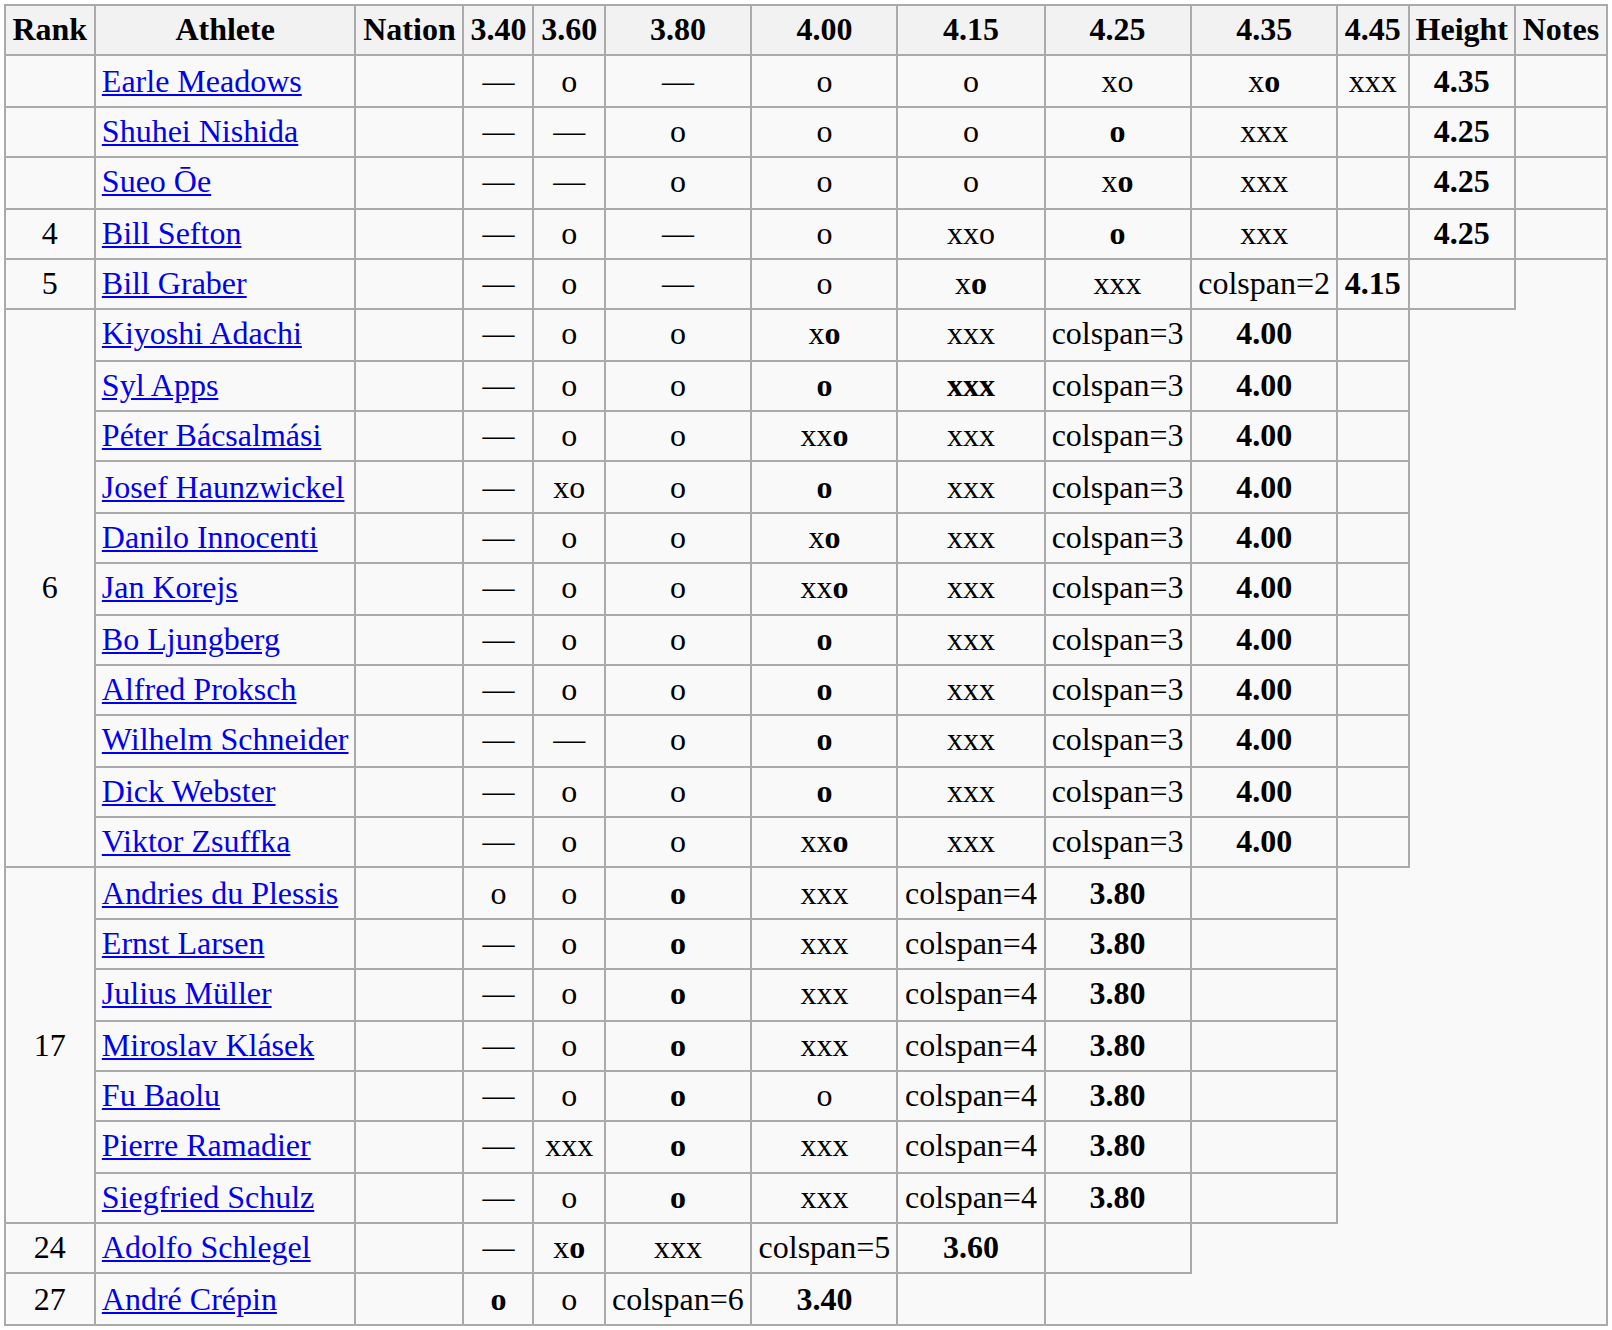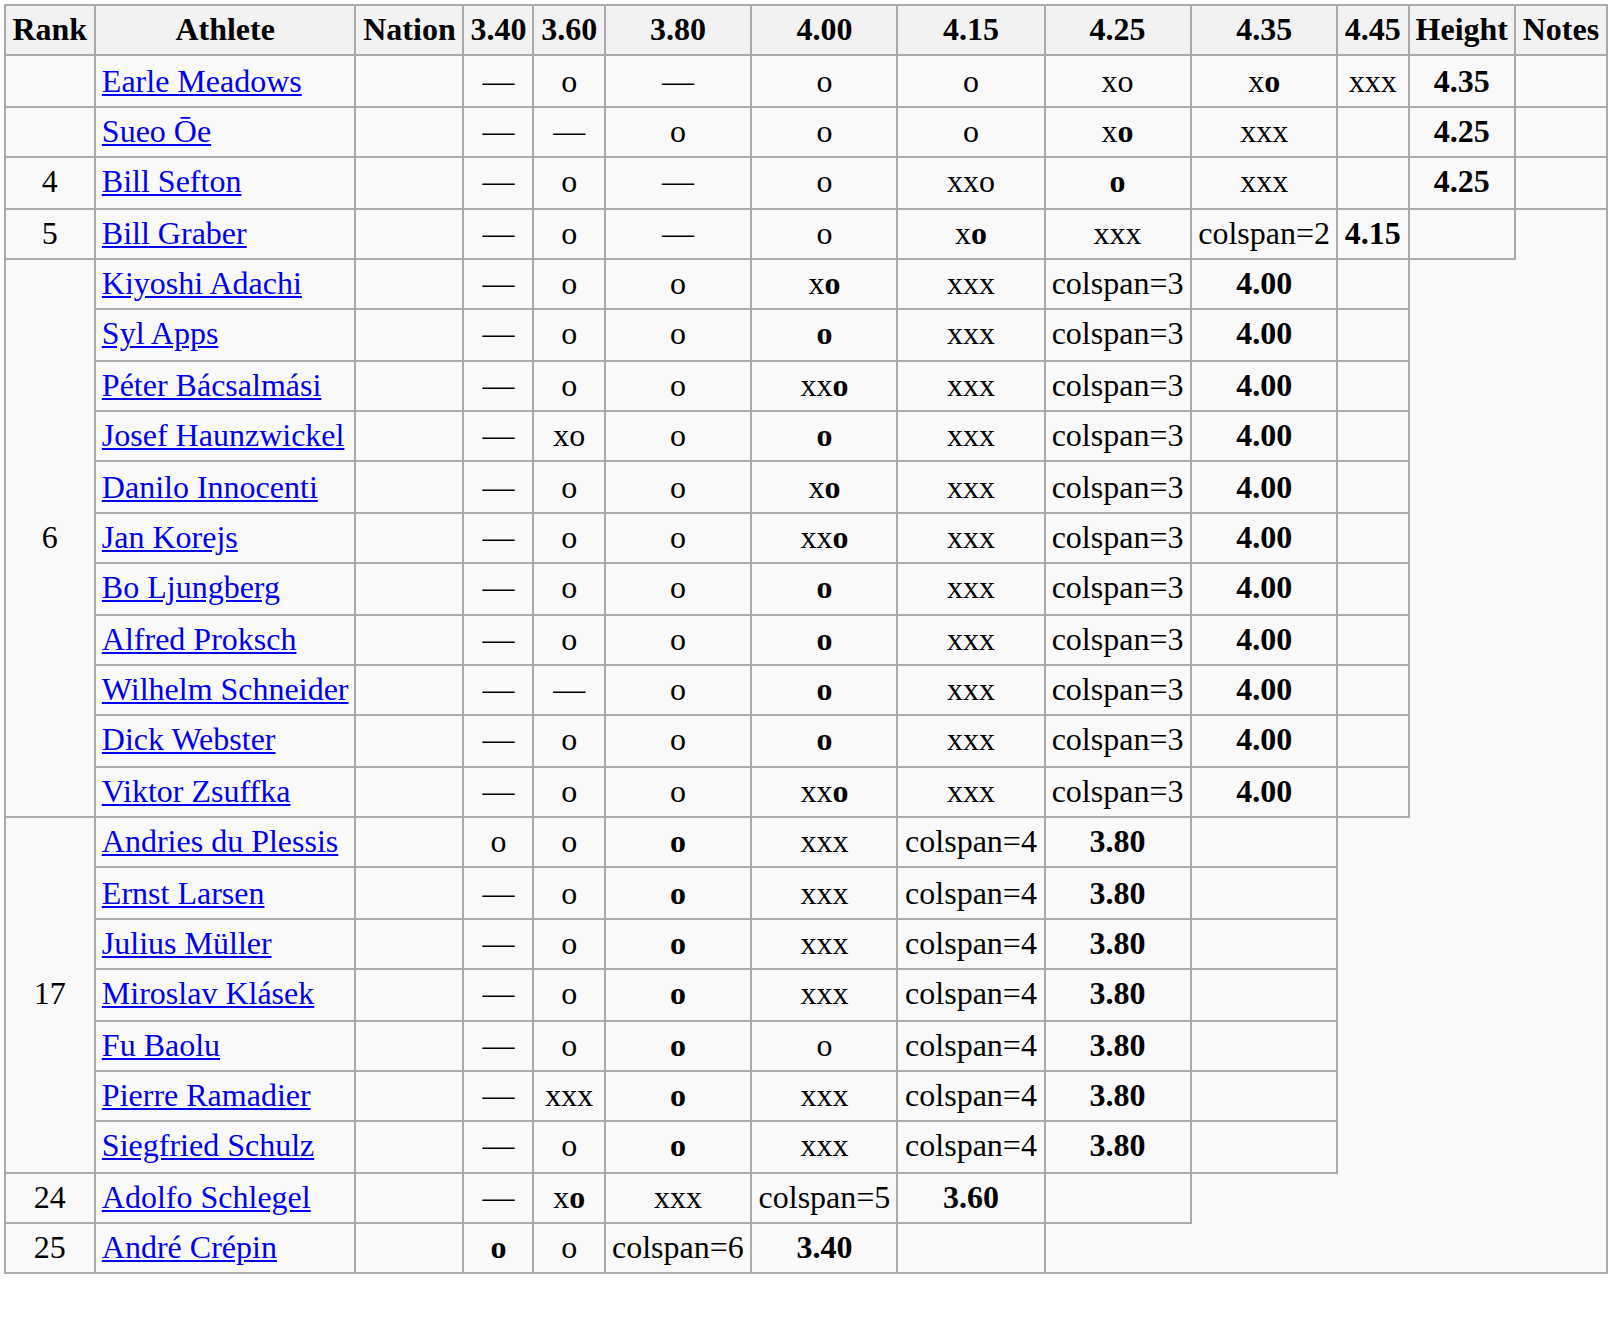 <table class="wikitable sortable" style="text-align:center">
 <tr>
 <th>Rank</th>
 <th>Athlete</th>
 <th>Nation</th>
 <th>3.40</th>
 <th>3.60</th>
 <th>3.80</th>
 <th>4.00</th>
 <th>4.15</th>
 <th>4.25</th>
 <th>4.35</th>
 <th>4.45</th>
 <th>Height</th>
 <th>Notes</th>
 </tr>
 <tr>
 <td></td>
 <td align="left"><a href='#'>Earle Meadows</a></td>
 <td align="left"></td>
 <td>—</td>
 <td>o</td>
 <td>—</td>
 <td>o</td>
 <td>o</td>
 <td>xo</td>
 <td>x<strong>o</strong></td>
 <td>xxx</td>
 <td><strong>4.35</strong></td>
-<td></td>
-</tr>
-<tr>
-<td></td>
-<td align="left"><a href='#'>Shuhei Nishida</a></td>
-<td align="left"></td>
-<td>—</td>
-<td>—</td>
-<td>o</td>
-<td>o</td>
-<td>o</td>
-<td><strong>o</strong></td>
-<td>xxx</td>
-<td></td>
-<td><strong>4.25</strong></td>
 <td></td>
 </tr>
 <tr>
 <td></td>
 <td align="left"><a href='#'>Sueo Ōe</a></td>
 <td align="left"></td>
 <td>—</td>
 <td>—</td>
 <td>o</td>
 <td>o</td>
 <td>o</td>
 <td>x<strong>o</strong></td>
 <td>xxx</td>
 <td></td>
 <td><strong>4.25</strong></td>
 <td></td>
 </tr>
 <tr>
 <td>4</td>
 <td align="left"><a href='#'>Bill Sefton</a></td>
 <td align="left"></td>
 <td>—</td>
 <td>o</td>
 <td>—</td>
 <td>o</td>
 <td>xxo</td>
 <td><strong>o</strong></td>
 <td>xxx</td>
 <td></td>
 <td><strong>4.25</strong></td>
 <td></td>
 </tr>
 <tr>
 <td>5</td>
 <td align="left"><a href='#'>Bill Graber</a></td>
 <td align="left"></td>
 <td>—</td>
 <td>o</td>
 <td>—</td>
 <td>o</td>
 <td>x<strong>o</strong></td>
 <td>xxx</td>
 <td>colspan=2 </td>
 <td><strong>4.15</strong></td>
 <td></td>
 </tr>
 <tr>
 <td rowspan=11>6</td>
 <td align="left"><a href='#'>Kiyoshi Adachi</a></td>
 <td align="left"></td>
 <td>—</td>
 <td>o</td>
 <td>o</td>
 <td>x<strong>o</strong></td>
 <td>xxx</td>
 <td>colspan=3 </td>
 <td><strong>4.00</strong></td>
 <td></td>
 </tr>
 <tr>
 <td align="left"><a href='#'>Syl Apps</a></td>
 <td align="left"></td>
 <td>—</td>
 <td>o</td>
 <td>o</td>
 <td><strong>o</strong></td>
-<td><strong>xxx</strong></td>
+<td>xxx</td>
 <td>colspan=3 </td>
 <td><strong>4.00</strong></td>
 <td></td>
 </tr>
 <tr>
 <td align="left"><a href='#'>Péter Bácsalmási</a></td>
 <td align="left"></td>
 <td>—</td>
 <td>o</td>
 <td>o</td>
 <td>xx<strong>o</strong></td>
 <td>xxx</td>
 <td>colspan=3 </td>
 <td><strong>4.00</strong></td>
 <td></td>
 </tr>
 <tr>
 <td align="left"><a href='#'>Josef Haunzwickel</a></td>
 <td align="left"></td>
 <td>—</td>
 <td>xo</td>
 <td>o</td>
 <td><strong>o</strong></td>
 <td>xxx</td>
 <td>colspan=3 </td>
 <td><strong>4.00</strong></td>
 <td></td>
 </tr>
 <tr>
 <td align="left"><a href='#'>Danilo Innocenti</a></td>
 <td align="left"></td>
 <td>—</td>
 <td>o</td>
 <td>o</td>
 <td>x<strong>o</strong></td>
 <td>xxx</td>
 <td>colspan=3 </td>
 <td><strong>4.00</strong></td>
 <td></td>
 </tr>
 <tr>
 <td align="left"><a href='#'>Jan Korejs</a></td>
 <td align="left"></td>
 <td>—</td>
 <td>o</td>
 <td>o</td>
 <td>xx<strong>o</strong></td>
 <td>xxx</td>
 <td>colspan=3 </td>
 <td><strong>4.00</strong></td>
 <td></td>
 </tr>
 <tr>
 <td align="left"><a href='#'>Bo Ljungberg</a></td>
 <td align="left"></td>
 <td>—</td>
 <td>o</td>
 <td>o</td>
 <td><strong>o</strong></td>
 <td>xxx</td>
 <td>colspan=3 </td>
 <td><strong>4.00</strong></td>
 <td></td>
 </tr>
 <tr>
 <td align="left"><a href='#'>Alfred Proksch</a></td>
 <td align="left"></td>
 <td>—</td>
 <td>o</td>
 <td>o</td>
 <td><strong>o</strong></td>
 <td>xxx</td>
 <td>colspan=3 </td>
 <td><strong>4.00</strong></td>
 <td></td>
 </tr>
 <tr>
 <td align="left"><a href='#'>Wilhelm Schneider</a></td>
 <td align="left"></td>
 <td>—</td>
 <td>—</td>
 <td>o</td>
 <td><strong>o</strong></td>
 <td>xxx</td>
 <td>colspan=3 </td>
 <td><strong>4.00</strong></td>
 <td></td>
 </tr>
 <tr>
 <td align="left"><a href='#'>Dick Webster</a></td>
 <td align="left"></td>
 <td>—</td>
 <td>o</td>
 <td>o</td>
 <td><strong>o</strong></td>
 <td>xxx</td>
 <td>colspan=3 </td>
 <td><strong>4.00</strong></td>
 <td></td>
 </tr>
 <tr>
 <td align="left"><a href='#'>Viktor Zsuffka</a></td>
 <td align="left"></td>
 <td>—</td>
 <td>o</td>
 <td>o</td>
 <td>xx<strong>o</strong></td>
 <td>xxx</td>
 <td>colspan=3 </td>
 <td><strong>4.00</strong></td>
 <td></td>
 </tr>
 <tr>
 <td rowspan=7>17</td>
 <td align="left"><a href='#'>Andries du Plessis</a></td>
 <td align="left"></td>
 <td>o</td>
 <td>o</td>
 <td><strong>o</strong></td>
 <td>xxx</td>
 <td>colspan=4 </td>
 <td><strong>3.80</strong></td>
 <td></td>
 </tr>
 <tr>
 <td align="left"><a href='#'>Ernst Larsen</a></td>
 <td align="left"></td>
 <td>—</td>
 <td>o</td>
 <td><strong>o</strong></td>
 <td>xxx</td>
 <td>colspan=4 </td>
 <td><strong>3.80</strong></td>
 <td></td>
 </tr>
 <tr>
 <td align="left"><a href='#'>Julius Müller</a></td>
 <td align="left"></td>
 <td>—</td>
 <td>o</td>
 <td><strong>o</strong></td>
 <td>xxx</td>
 <td>colspan=4 </td>
 <td><strong>3.80</strong></td>
 <td></td>
 </tr>
 <tr>
 <td align="left"><a href='#'>Miroslav Klásek</a></td>
 <td align="left"></td>
 <td>—</td>
 <td>o</td>
 <td><strong>o</strong></td>
 <td>xxx</td>
 <td>colspan=4 </td>
 <td><strong>3.80</strong></td>
 <td></td>
 </tr>
 <tr>
 <td align="left"><a href='#'>Fu Baolu</a></td>
 <td align="left"></td>
 <td>—</td>
 <td>o</td>
 <td><strong>o</strong></td>
 <td>o</td>
 <td>colspan=4 </td>
 <td><strong>3.80</strong></td>
 <td></td>
 </tr>
 <tr>
 <td align="left"><a href='#'>Pierre Ramadier</a></td>
 <td align="left"></td>
 <td>—</td>
 <td>xxx</td>
 <td><strong>o</strong></td>
 <td>xxx</td>
 <td>colspan=4 </td>
 <td><strong>3.80</strong></td>
 <td></td>
 </tr>
 <tr>
 <td align="left"><a href='#'>Siegfried Schulz</a></td>
 <td align="left"></td>
 <td>—</td>
 <td>o</td>
 <td><strong>o</strong></td>
 <td>xxx</td>
 <td>colspan=4 </td>
 <td><strong>3.80</strong></td>
 <td></td>
 </tr>
 <tr>
 <td>24</td>
 <td align="left"><a href='#'>Adolfo Schlegel</a></td>
 <td align="left"></td>
 <td>—</td>
 <td>x<strong>o</strong></td>
 <td>xxx</td>
 <td>colspan=5 </td>
 <td><strong>3.60</strong></td>
 <td></td>
 </tr>
 <tr>
-<td>27</td>
+<td>25</td>
 <td align="left"><a href='#'>André Crépin</a></td>
 <td align="left"></td>
 <td><strong>o</strong></td>
 <td>o</td>
 <td>colspan=6 </td>
 <td><strong>3.40</strong></td>
 <td></td>
 </tr>
 </table>
